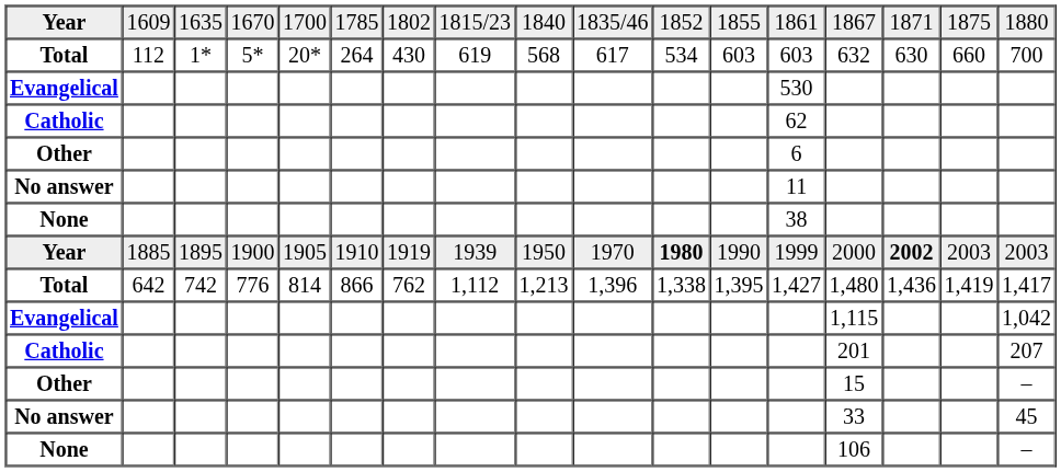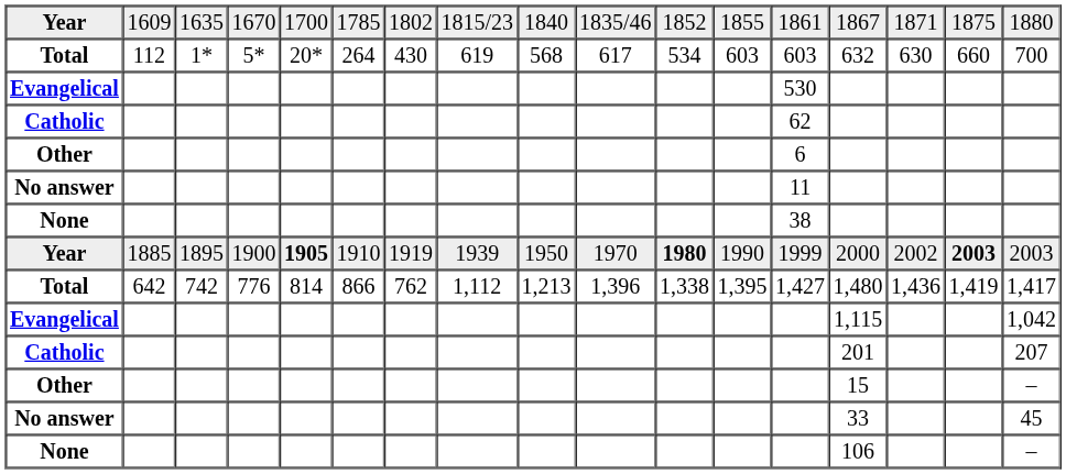 <table border="1" cellpadding="2" cellspacing="0" width="500">
 <tr bgcolor="#eeeeee" align="center">
 <td><strong>Year</strong></td>
 <td>1609</td>
 <td>1635</td>
 <td>1670</td>
 <td>1700</td>
 <td>1785</td>
 <td>1802</td>
 <td>1815/23</td>
 <td>1840</td>
 <td>1835/46</td>
 <td>1852</td>
 <td>1855</td>
 <td>1861</td>
 <td>1867</td>
 <td>1871</td>
 <td>1875</td>
 <td>1880</td>
 </tr>
 <tr align="center">
 <td><strong>Total</strong></td>
 <td>112</td>
 <td>1*</td>
 <td>5*</td>
 <td>20*</td>
 <td>264</td>
 <td>430</td>
 <td>619</td>
 <td>568</td>
 <td>617</td>
 <td>534</td>
 <td>603</td>
 <td>603</td>
 <td>632</td>
 <td>630</td>
 <td>660</td>
 <td>700</td>
 </tr>
 <tr align="center">
 <td><strong><a href='#'>Evangelical</a></strong></td>
 <td> </td>
 <td> </td>
 <td> </td>
 <td> </td>
 <td> </td>
 <td> </td>
 <td> </td>
 <td> </td>
 <td> </td>
 <td> </td>
 <td> </td>
 <td>530</td>
 <td> </td>
 <td> </td>
 <td> </td>
 <td> </td>
 </tr>
 <tr align="center">
 <td><strong><a href='#'>Catholic</a></strong></td>
 <td> </td>
 <td> </td>
 <td> </td>
 <td> </td>
 <td> </td>
 <td> </td>
 <td> </td>
 <td> </td>
 <td> </td>
 <td> </td>
 <td> </td>
 <td>62</td>
 <td> </td>
 <td> </td>
 <td> </td>
 <td> </td>
 </tr>
 <tr align="center">
 <td><strong>Other</strong></td>
 <td> </td>
 <td> </td>
 <td> </td>
 <td> </td>
 <td> </td>
 <td> </td>
 <td> </td>
 <td> </td>
 <td> </td>
 <td> </td>
 <td> </td>
 <td>6</td>
 <td> </td>
 <td> </td>
 <td> </td>
 <td> </td>
 </tr>
 <tr align="center">
 <td><strong>No answer</strong></td>
 <td> </td>
 <td> </td>
 <td> </td>
 <td> </td>
 <td> </td>
 <td> </td>
 <td> </td>
 <td> </td>
 <td> </td>
 <td> </td>
 <td> </td>
 <td>11</td>
 <td> </td>
 <td> </td>
 <td> </td>
 <td> </td>
 </tr>
 <tr align="center">
 <td><strong>None</strong></td>
 <td> </td>
 <td> </td>
 <td> </td>
 <td> </td>
 <td> </td>
 <td> </td>
 <td> </td>
 <td> </td>
 <td> </td>
 <td> </td>
 <td> </td>
 <td>38</td>
 <td> </td>
 <td> </td>
 <td> </td>
 <td> </td>
 </tr>
 <tr bgcolor="#eeeeee" align="center">
 <td><strong>Year</strong></td>
 <td>1885</td>
 <td>1895</td>
 <td>1900</td>
-<td>1905</td>
+<td><strong>1905</strong></td>
 <td>1910</td>
 <td>1919</td>
 <td>1939</td>
 <td>1950</td>
 <td>1970</td>
 <td><strong>1980</strong></td>
 <td>1990</td>
 <td>1999</td>
 <td>2000</td>
-<td><strong>2002</strong></td>
-<td>2003</td>
+<td>2002</td>
+<td><strong>2003</strong></td>
 <td>2003</td>
 </tr>
 <tr align="center">
 <td><strong>Total</strong></td>
 <td>642</td>
 <td>742</td>
 <td>776</td>
 <td>814</td>
 <td>866</td>
 <td>762</td>
 <td>1,112</td>
 <td>1,213</td>
 <td>1,396</td>
 <td>1,338</td>
 <td>1,395</td>
 <td>1,427</td>
 <td>1,480</td>
 <td>1,436</td>
 <td>1,419</td>
 <td>1,417</td>
 </tr>
 <tr align="center">
 <td><strong><a href='#'>Evangelical</a></strong></td>
 <td> </td>
 <td> </td>
 <td> </td>
 <td> </td>
 <td> </td>
 <td> </td>
 <td> </td>
 <td> </td>
 <td> </td>
 <td> </td>
 <td> </td>
 <td> </td>
 <td>1,115</td>
 <td> </td>
 <td> </td>
 <td>1,042</td>
 </tr>
 <tr align="center">
 <td><strong><a href='#'>Catholic</a></strong></td>
 <td> </td>
 <td> </td>
 <td> </td>
 <td> </td>
 <td> </td>
 <td> </td>
 <td> </td>
 <td> </td>
 <td> </td>
 <td> </td>
 <td> </td>
 <td> </td>
 <td>201</td>
 <td> </td>
 <td> </td>
 <td>207</td>
 </tr>
 <tr align="center">
 <td><strong>Other</strong></td>
 <td> </td>
 <td> </td>
 <td> </td>
 <td> </td>
 <td> </td>
 <td> </td>
 <td> </td>
 <td> </td>
 <td> </td>
 <td> </td>
 <td> </td>
 <td> </td>
 <td>15</td>
 <td> </td>
 <td> </td>
 <td>–</td>
 </tr>
 <tr align="center">
 <td><strong>No answer</strong></td>
 <td> </td>
 <td> </td>
 <td> </td>
 <td> </td>
 <td> </td>
 <td> </td>
 <td> </td>
 <td> </td>
 <td> </td>
 <td> </td>
 <td> </td>
 <td> </td>
 <td>33</td>
 <td> </td>
 <td> </td>
 <td>45</td>
 </tr>
 <tr align="center">
 <td><strong>None</strong></td>
 <td> </td>
 <td> </td>
 <td> </td>
 <td> </td>
 <td> </td>
 <td> </td>
 <td> </td>
 <td> </td>
 <td> </td>
 <td> </td>
 <td> </td>
 <td> </td>
 <td>106</td>
 <td> </td>
 <td> </td>
 <td>–</td>
 </tr>
 </table>
